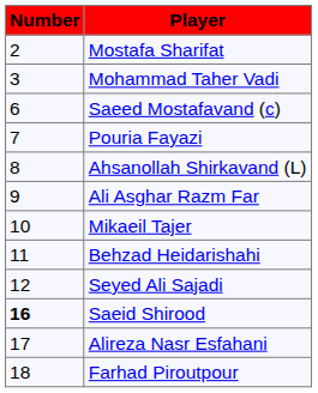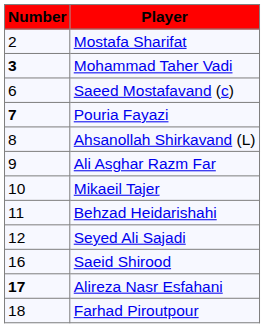 <table bgcolor="#f7f8ff" cellpadding="3" cellspacing="0" border="1" style="font-size: 95%; border: gray solid 1px; border-collapse: collapse;">
 <tr bgcolor="#ff0000">
 <td align=center><strong>Number</strong></td>
 <td align=center><strong>Player</strong></td>
 </tr>
 <tr align="left">
 <td>2</td>
 <td> <a href='#'>Mostafa Sharifat</a></td>
 </tr>
 <tr align="left">
-<td>3</td>
+<td><strong>3</strong></td>
 <td> <a href='#'>Mohammad Taher Vadi</a></td>
 </tr>
 <tr align="left">
 <td>6</td>
 <td> <a href='#'>Saeed Mostafavand</a> (<a href='#'>c</a>)</td>
 </tr>
 <tr align="left">
-<td>7</td>
+<td><strong>7</strong></td>
 <td> <a href='#'>Pouria Fayazi</a></td>
 </tr>
 <tr align="left">
 <td>8</td>
 <td> <a href='#'>Ahsanollah Shirkavand</a> (L)</td>
 </tr>
 <tr align="left">
 <td>9</td>
 <td> <a href='#'>Ali Asghar Razm Far</a></td>
 </tr>
 <tr align="left">
 <td>10</td>
 <td> <a href='#'>Mikaeil Tajer</a></td>
 </tr>
 <tr align="left">
 <td>11</td>
 <td> <a href='#'>Behzad Heidarishahi</a></td>
 </tr>
 <tr align="left">
 <td>12</td>
 <td> <a href='#'>Seyed Ali Sajadi</a></td>
 </tr>
 <tr align="left">
-<td><strong>16</strong></td>
+<td>16</td>
 <td> <a href='#'>Saeid Shirood</a></td>
 </tr>
 <tr align="left">
-<td>17</td>
+<td><strong>17</strong></td>
 <td> <a href='#'>Alireza Nasr Esfahani</a></td>
 </tr>
 <tr align="left">
 <td>18</td>
 <td> <a href='#'>Farhad Piroutpour</a></td>
 </tr>
 </table>
